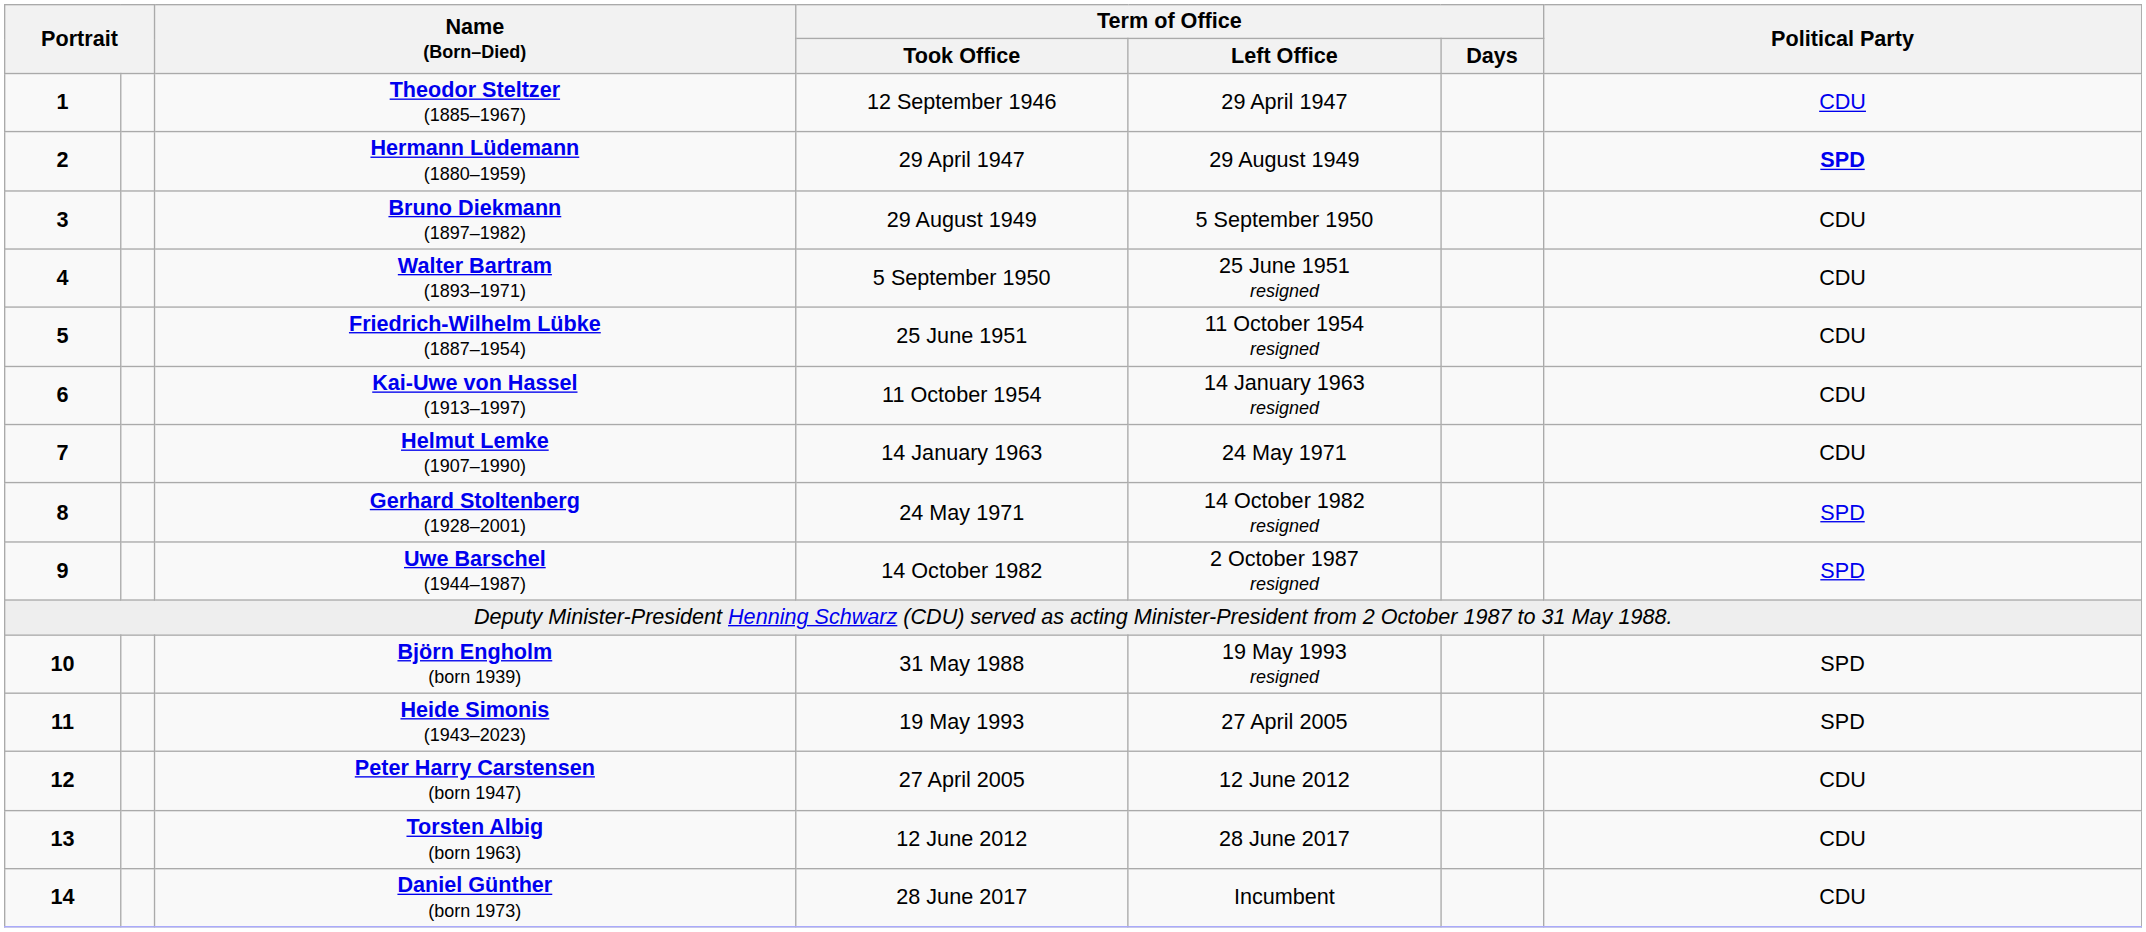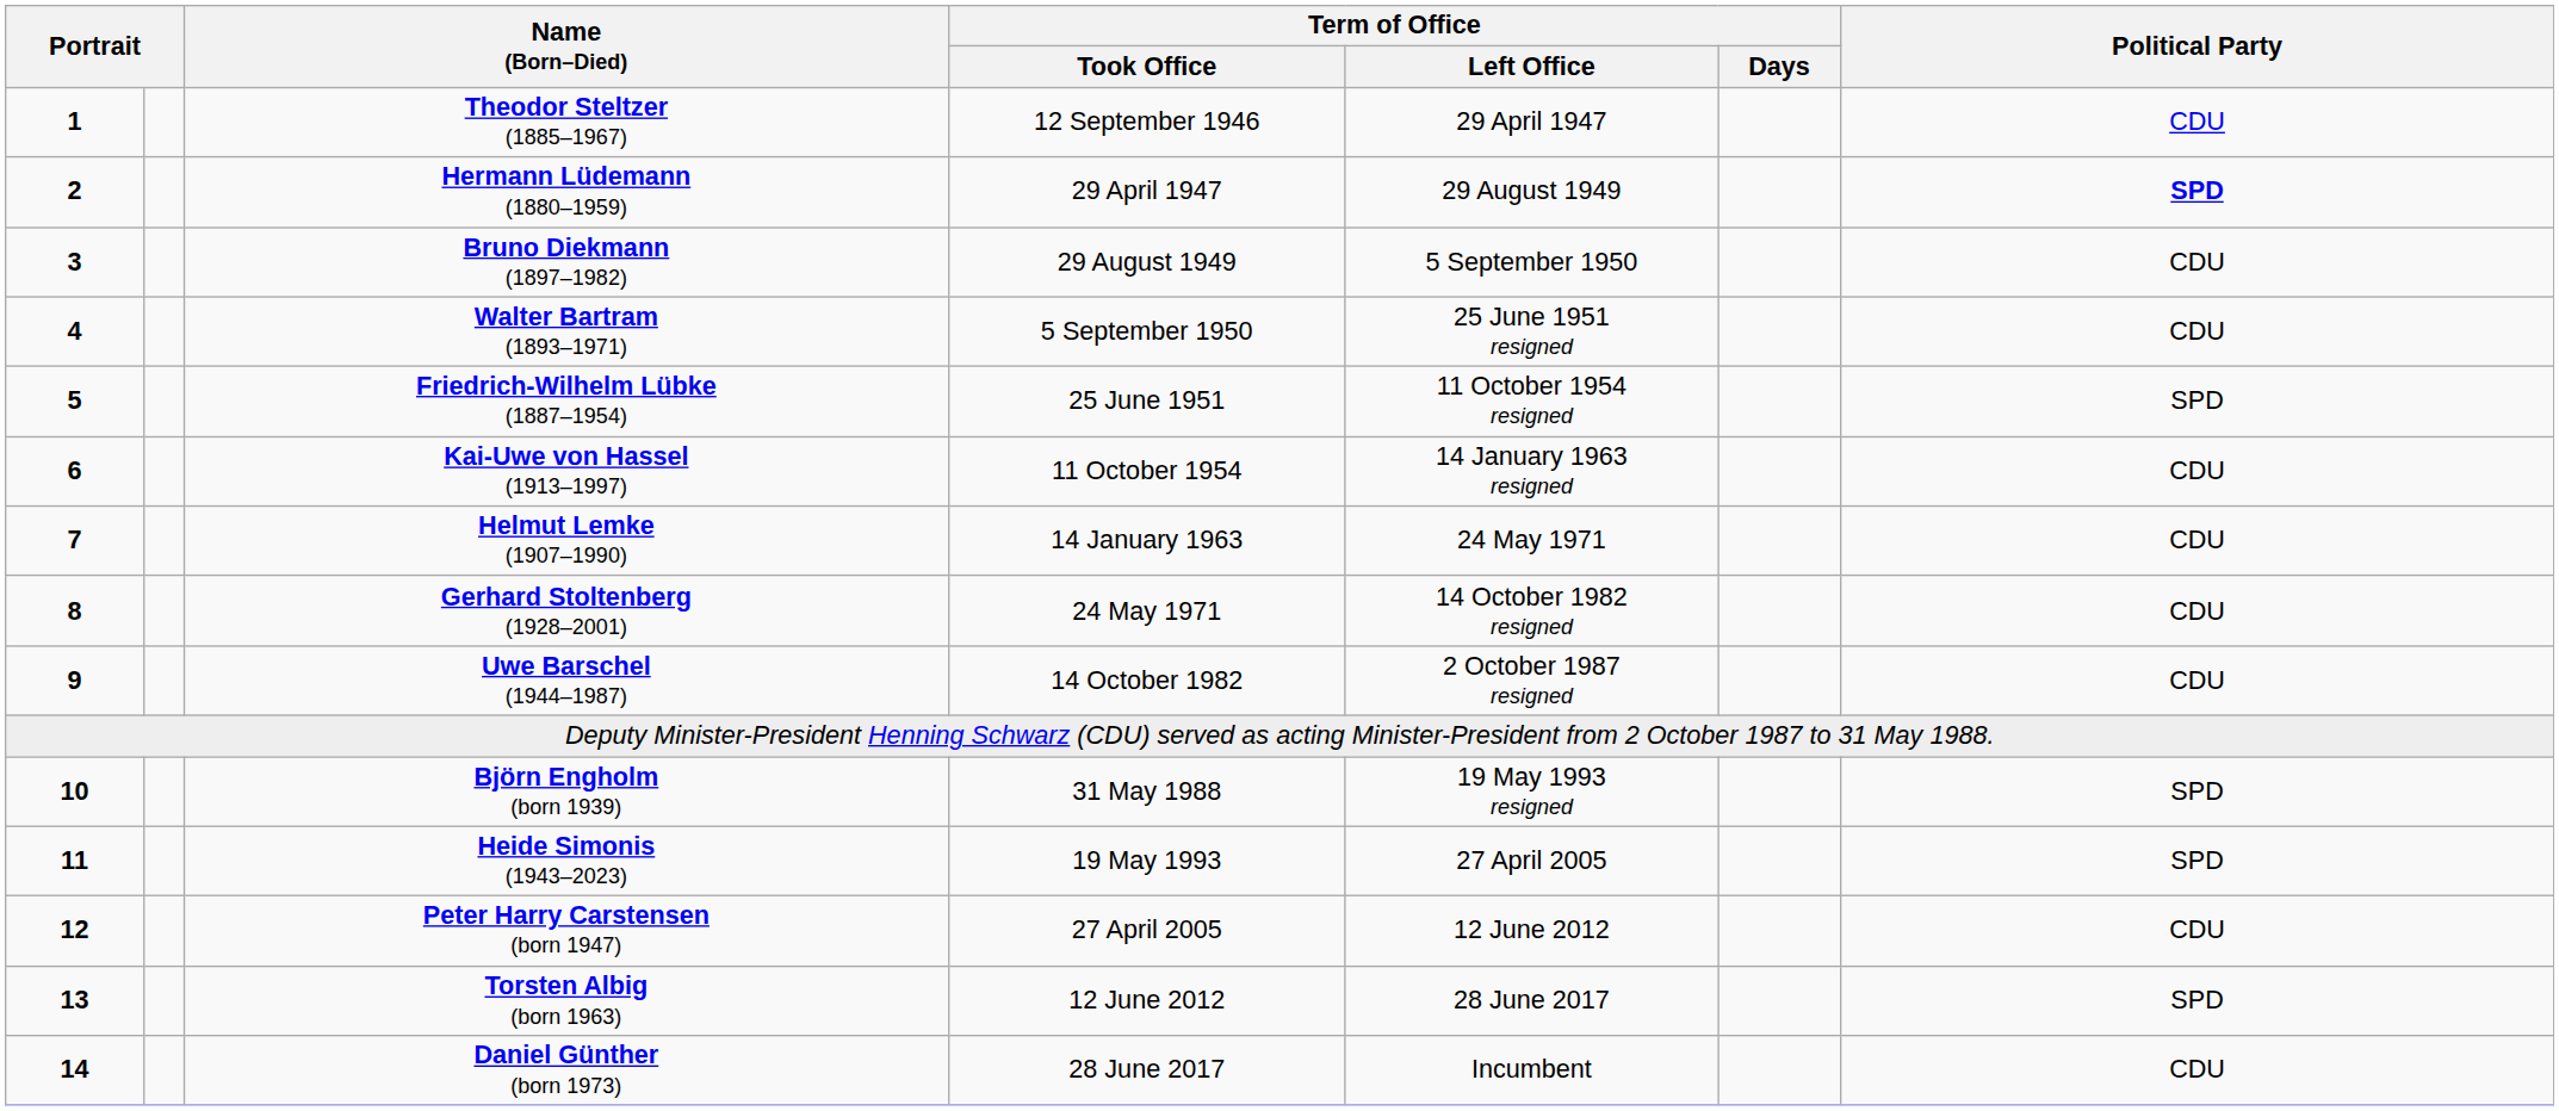 <table class="wikitable" style="text-align:center; width:100%; border:1px #AAAAFF solid">
 <tr>
 <th width=80px rowspan=2 colspan=2>Portrait</th>
 <th width=30% rowspan=2>Name<br><small>(Born–Died)</small></th>
 <th width=35% colspan=3>Term of Office</th>
 <th width=28% rowspan=2>Political Party</th>
 </tr>
 <tr>
 <th>Took Office</th>
 <th>Left Office</th>
 <th>Days</th>
 </tr>
 <tr>
 <td style="background:"><strong>1</strong></td>
 <td></td>
 <td><strong><a href='#'>Theodor Steltzer</a></strong><br><small>(1885–1967)</small></td>
 <td>12 September 1946</td>
 <td>29 April 1947</td>
 <td></td>
 <td><a href='#'>CDU</a></td>
 </tr>
 <tr>
 <td style="background:"><strong>2</strong></td>
 <td></td>
 <td><strong><a href='#'>Hermann Lüdemann</a></strong><br><small>(1880–1959)</small></td>
 <td>29 April 1947</td>
 <td>29 August 1949</td>
 <td></td>
 <td><strong><a href='#'>SPD</a></strong></td>
 </tr>
 <tr>
 <td style="background:"><strong>3</strong></td>
 <td></td>
 <td><strong><a href='#'>Bruno Diekmann</a></strong><br><small>(1897–1982)</small></td>
 <td>29 August 1949</td>
 <td>5 September 1950</td>
 <td></td>
 <td>CDU</td>
 </tr>
 <tr>
 <td style="background:"><strong>4</strong></td>
 <td></td>
 <td><strong><a href='#'>Walter Bartram</a></strong><br><small>(1893–1971)</small></td>
 <td>5 September 1950</td>
 <td>25 June 1951<br><small><em>resigned</em></small></td>
 <td></td>
 <td>CDU</td>
 </tr>
 <tr>
 <td style="background:"><strong>5</strong></td>
 <td></td>
 <td><strong><a href='#'>Friedrich-Wilhelm Lübke</a></strong><br><small>(1887–1954)</small></td>
 <td>25 June 1951</td>
 <td>11 October 1954<br><small><em>resigned</em></small></td>
 <td></td>
-<td>CDU</td>
+<td>SPD</td>
 </tr>
 <tr>
 <td style="background:"><strong>6</strong></td>
 <td></td>
 <td><strong><a href='#'>Kai-Uwe von Hassel</a></strong><br><small>(1913–1997)</small></td>
 <td>11 October 1954</td>
 <td>14 January 1963<br><small><em>resigned</em></small></td>
 <td></td>
 <td>CDU</td>
 </tr>
 <tr>
 <td style="background:"><strong>7</strong></td>
 <td></td>
 <td><strong><a href='#'>Helmut Lemke</a></strong><br><small>(1907–1990)</small></td>
 <td>14 January 1963</td>
 <td>24 May 1971</td>
 <td></td>
 <td>CDU</td>
 </tr>
 <tr>
 <td style="background:"><strong>8</strong></td>
 <td></td>
 <td><strong><a href='#'>Gerhard Stoltenberg</a></strong><br><small>(1928–2001)</small></td>
 <td>24 May 1971</td>
 <td>14 October 1982<br><small><em>resigned</em></small></td>
 <td></td>
-<td><a href='#'>SPD</a></td>
+<td>CDU</td>
 </tr>
 <tr>
 <td style="background:"><strong>9</strong></td>
 <td></td>
 <td><strong><a href='#'>Uwe Barschel</a></strong><br><small>(1944–1987)</small></td>
 <td>14 October 1982</td>
 <td>2 October 1987<br><small><em>resigned</em></small></td>
 <td></td>
-<td><a href='#'>SPD</a></td>
+<td>CDU</td>
 </tr>
 <tr>
 <td bgcolor=#EEEEEE colspan=10><em>Deputy Minister-President <a href='#'>Henning Schwarz</a> (CDU) served as acting Minister-President from 2 October 1987 to 31 May 1988.</em></td>
 </tr>
 <tr>
 <td style="background:"><strong>10</strong></td>
 <td></td>
 <td><strong><a href='#'>Björn Engholm</a></strong><br><small>(born 1939)</small></td>
 <td>31 May 1988</td>
 <td>19 May 1993<br><small><em>resigned</em></small></td>
 <td></td>
 <td>SPD</td>
 </tr>
 <tr>
 <td style="background:"><strong>11</strong></td>
 <td></td>
 <td><strong><a href='#'>Heide Simonis</a></strong><br><small>(1943–2023)</small></td>
 <td>19 May 1993</td>
 <td>27 April 2005</td>
 <td></td>
 <td>SPD</td>
 </tr>
 <tr>
 <td style="background:"><strong>12</strong></td>
 <td></td>
 <td><strong><a href='#'>Peter Harry Carstensen</a></strong><br><small>(born 1947)</small></td>
 <td>27 April 2005</td>
 <td>12 June 2012</td>
 <td></td>
 <td>CDU</td>
 </tr>
 <tr>
 <td style="background:"><strong>13</strong></td>
 <td></td>
 <td><strong><a href='#'>Torsten Albig</a></strong><br><small>(born 1963)</small></td>
 <td>12 June 2012</td>
 <td>28 June 2017</td>
 <td></td>
-<td>CDU</td>
+<td>SPD</td>
 </tr>
 <tr>
 <td style="background:"><strong>14</strong></td>
 <td></td>
 <td><strong><a href='#'>Daniel Günther</a></strong><br><small>(born 1973)</small></td>
 <td>28 June 2017</td>
 <td>Incumbent</td>
 <td></td>
 <td>CDU</td>
 </tr>
 <tr>
 </tr>
 </table>
